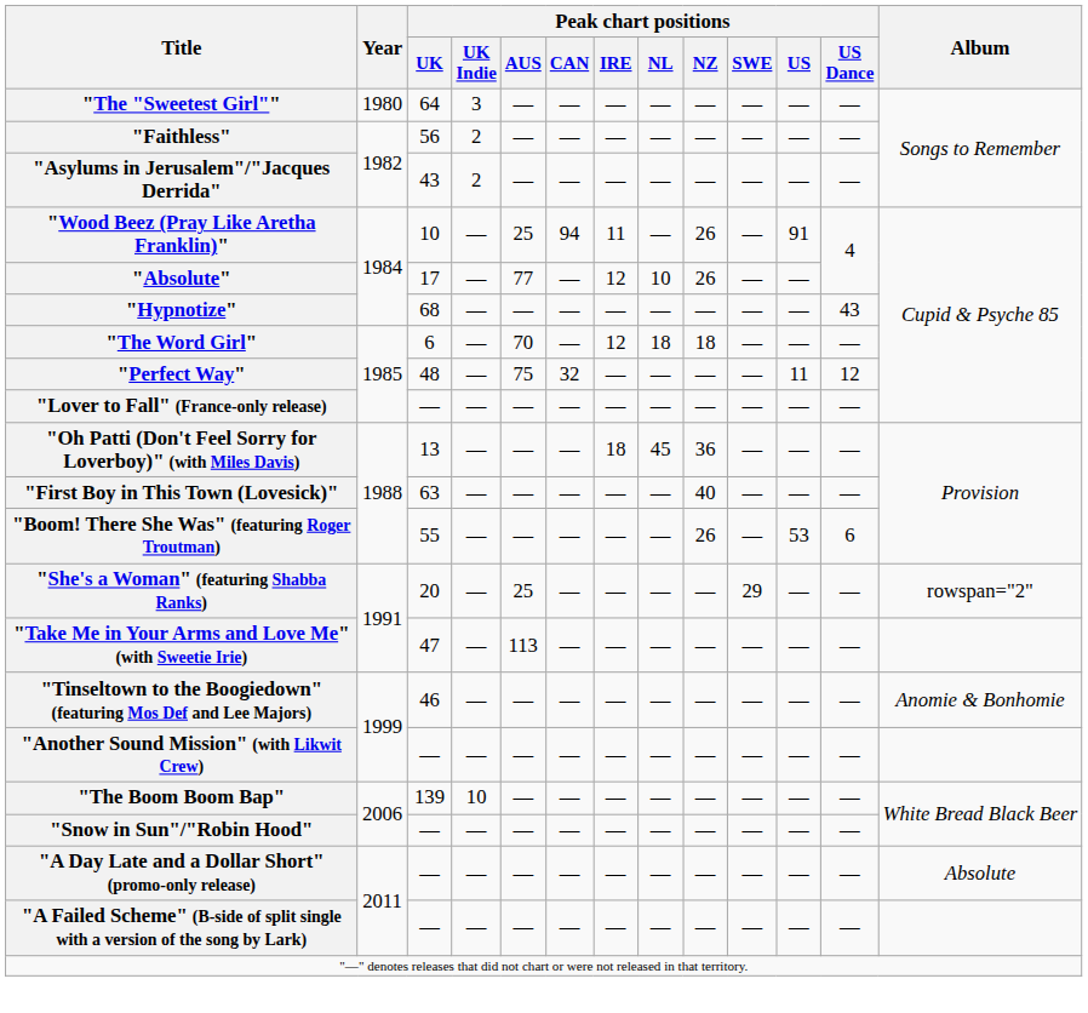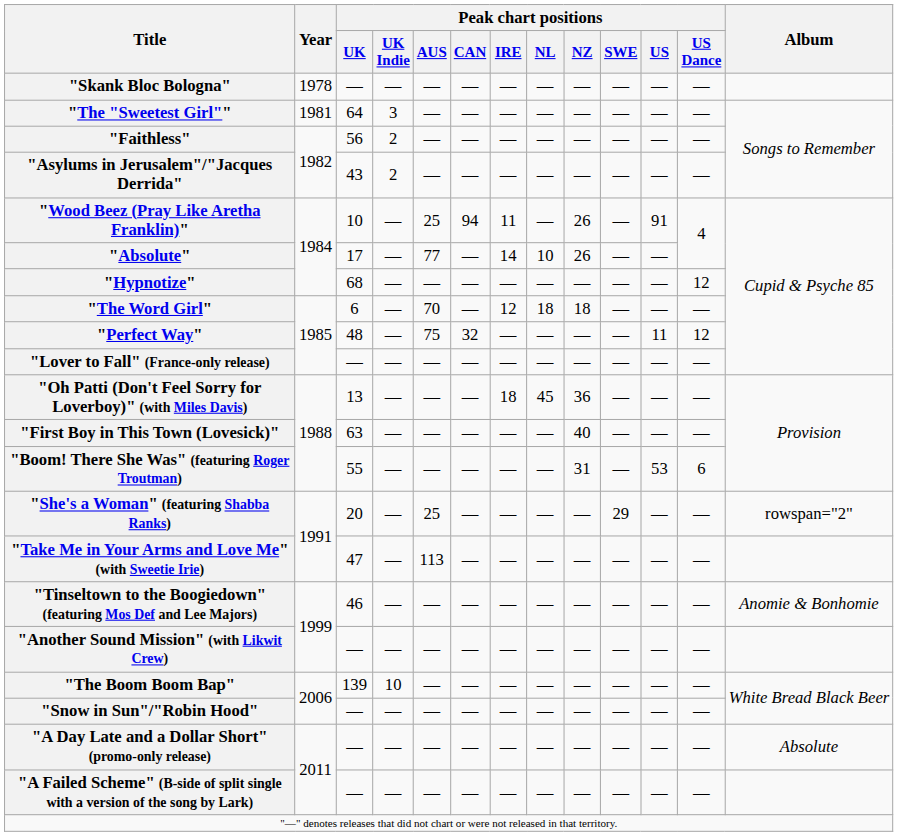 <table class="wikitable plainrowheaders" style="text-align:center;">
 <tr>
 <th rowspan="2" scope="col" style="width:17em;">Title</th>
 <th rowspan="2" scope="col" style="width:2em;">Year</th>
 <th colspan="10">Peak chart positions</th>
 <th rowspan="2">Album</th>
 </tr>
 <tr>
 <th scope="col" style="width:2em;font-size:90%;"><a href='#'>UK</a><br></th>
 <th scope="col" style="width:2em;font-size:90%;"><a href='#'>UK Indie</a><br></th>
 <th scope="col" style="width:2em;font-size:90%;"><a href='#'>AUS</a><br></th>
 <th scope="col" style="width:2em;font-size:90%;"><a href='#'>CAN</a><br></th>
 <th scope="col" style="width:2em;font-size:90%;"><a href='#'>IRE</a><br></th>
 <th scope="col" style="width:2em;font-size:90%;"><a href='#'>NL</a><br></th>
 <th scope="col" style="width:2em;font-size:90%;"><a href='#'>NZ</a><br></th>
 <th scope="col" style="width:2em;font-size:90%;"><a href='#'>SWE</a><br></th>
 <th scope="col" style="width:2em;font-size:90%;"><a href='#'>US</a><br></th>
 <th scope="col" style="width:2em;font-size:90%;"><a href='#'>US Dance</a><br></th>
 </tr>
 <tr>
+<th scope="row">"Skank Bloc Bologna"</th>
+<td>1978</td>
+<td>—</td>
+<td>—</td>
+<td>—</td>
+<td>—</td>
+<td>—</td>
+<td>—</td>
+<td>—</td>
+<td>—</td>
+<td>—</td>
+<td>—</td>
+<td></td>
+</tr>
+<tr>
 <th scope="row">"<a href='#'>The "Sweetest Girl"</a>"</th>
-<td>1980</td>
+<td>1981</td>
 <td>64</td>
 <td>3</td>
 <td>—</td>
 <td>—</td>
 <td>—</td>
 <td>—</td>
 <td>—</td>
 <td>—</td>
 <td>—</td>
 <td>—</td>
 <td rowspan="3"><em>Songs to Remember</em></td>
 </tr>
 <tr>
 <th scope="row">"Faithless"</th>
 <td rowspan="2">1982</td>
 <td>56</td>
 <td>2</td>
 <td>—</td>
 <td>—</td>
 <td>—</td>
 <td>—</td>
 <td>—</td>
 <td>—</td>
 <td>—</td>
 <td>—</td>
 </tr>
 <tr>
 <th scope="row">"Asylums in Jerusalem"/"Jacques Derrida"</th>
 <td>43</td>
 <td>2</td>
 <td>—</td>
 <td>—</td>
 <td>—</td>
 <td>—</td>
 <td>—</td>
 <td>—</td>
 <td>—</td>
 <td>—</td>
 </tr>
 <tr>
 <th scope="row">"<a href='#'>Wood Beez (Pray Like Aretha Franklin)</a>"</th>
 <td rowspan="3">1984</td>
 <td>10</td>
 <td>—</td>
 <td>25</td>
 <td>94</td>
 <td>11</td>
 <td>—</td>
 <td>26</td>
 <td>—</td>
 <td>91</td>
 <td rowspan="2">4</td>
 <td rowspan="6"><em>Cupid & Psyche 85</em></td>
 </tr>
 <tr>
 <th scope="row">"<a href='#'>Absolute</a>"</th>
 <td>17</td>
 <td>—</td>
 <td>77</td>
 <td>—</td>
-<td>12</td>
+<td>14</td>
 <td>10</td>
 <td>26</td>
 <td>—</td>
 <td>—</td>
 </tr>
 <tr>
 <th scope="row">"<a href='#'>Hypnotize</a>"</th>
 <td>68</td>
 <td>—</td>
 <td>—</td>
 <td>—</td>
 <td>—</td>
 <td>—</td>
 <td>—</td>
 <td>—</td>
 <td>—</td>
-<td>43</td>
+<td>12</td>
 </tr>
 <tr>
 <th scope="row">"<a href='#'>The Word Girl</a>"</th>
 <td rowspan="3">1985</td>
 <td>6</td>
 <td>—</td>
 <td>70</td>
 <td>—</td>
 <td>12</td>
 <td>18</td>
 <td>18</td>
 <td>—</td>
 <td>—</td>
 <td>—</td>
 </tr>
 <tr>
 <th scope="row">"<a href='#'>Perfect Way</a>"</th>
 <td>48</td>
 <td>—</td>
 <td>75</td>
 <td>32</td>
 <td>—</td>
 <td>—</td>
 <td>—</td>
 <td>—</td>
 <td>11</td>
 <td>12</td>
 </tr>
 <tr>
 <th scope="row">"Lover to Fall" <small>(France-only release)</small></th>
 <td>—</td>
 <td>—</td>
 <td>—</td>
 <td>—</td>
 <td>—</td>
 <td>—</td>
 <td>—</td>
 <td>—</td>
 <td>—</td>
 <td>—</td>
 </tr>
 <tr>
 <th scope="row">"Oh Patti (Don't Feel Sorry for Loverboy)" <small>(with <a href='#'>Miles Davis</a>)</small></th>
 <td rowspan="3">1988</td>
 <td>13</td>
 <td>—</td>
 <td>—</td>
 <td>—</td>
 <td>18</td>
 <td>45</td>
 <td>36</td>
 <td>—</td>
 <td>—</td>
 <td>—</td>
 <td rowspan="3"><em>Provision</em></td>
 </tr>
 <tr>
 <th scope="row">"First Boy in This Town (Lovesick)"</th>
 <td>63</td>
 <td>—</td>
 <td>—</td>
 <td>—</td>
 <td>—</td>
 <td>—</td>
 <td>40</td>
 <td>—</td>
 <td>—</td>
 <td>—</td>
 </tr>
 <tr>
 <th scope="row">"Boom! There She Was" <small>(featuring <a href='#'>Roger Troutman</a>)</small></th>
 <td>55</td>
 <td>—</td>
 <td>—</td>
 <td>—</td>
 <td>—</td>
 <td>—</td>
-<td>26</td>
+<td>31</td>
 <td>—</td>
 <td>53</td>
 <td>6</td>
 </tr>
 <tr>
 <th scope="row">"<a href='#'>She's a Woman</a>" <small>(featuring <a href='#'>Shabba Ranks</a>)</small></th>
 <td rowspan="2">1991</td>
 <td>20</td>
 <td>—</td>
 <td>25</td>
 <td>—</td>
 <td>—</td>
 <td>—</td>
 <td>—</td>
 <td>29</td>
 <td>—</td>
 <td>—</td>
 <td>rowspan="2" </td>
 </tr>
 <tr>
 <th scope="row">"<a href='#'>Take Me in Your Arms and Love Me</a>" <small>(with <a href='#'>Sweetie Irie</a>)</small></th>
 <td>47</td>
 <td>—</td>
 <td>113</td>
 <td>—</td>
 <td>—</td>
 <td>—</td>
 <td>—</td>
 <td>—</td>
 <td>—</td>
 <td>—</td>
 </tr>
 <tr>
 <th scope="row">"Tinseltown to the Boogiedown" <small>(featuring <a href='#'>Mos Def</a> and Lee Majors)</small></th>
 <td rowspan="2">1999</td>
 <td>46</td>
 <td>—</td>
 <td>—</td>
 <td>—</td>
 <td>—</td>
 <td>—</td>
 <td>—</td>
 <td>—</td>
 <td>—</td>
 <td>—</td>
 <td><em>Anomie & Bonhomie</em></td>
 </tr>
 <tr>
 <th scope="row">"Another Sound Mission" <small>(with <a href='#'>Likwit Crew</a>)</small></th>
 <td>—</td>
 <td>—</td>
 <td>—</td>
 <td>—</td>
 <td>—</td>
 <td>—</td>
 <td>—</td>
 <td>—</td>
 <td>—</td>
 <td>—</td>
 <td></td>
 </tr>
 <tr>
 <th scope="row">"The Boom Boom Bap"</th>
 <td rowspan="2">2006</td>
 <td>139</td>
 <td>10</td>
 <td>—</td>
 <td>—</td>
 <td>—</td>
 <td>—</td>
 <td>—</td>
 <td>—</td>
 <td>—</td>
 <td>—</td>
 <td rowspan="2"><em>White Bread Black Beer</em></td>
 </tr>
 <tr>
 <th scope="row">"Snow in Sun"/"Robin Hood"</th>
 <td>—</td>
 <td>—</td>
 <td>—</td>
 <td>—</td>
 <td>—</td>
 <td>—</td>
 <td>—</td>
 <td>—</td>
 <td>—</td>
 <td>—</td>
 </tr>
 <tr>
 <th scope="row">"A Day Late and a Dollar Short" <small>(promo-only release)</small></th>
 <td rowspan="2">2011</td>
 <td>—</td>
 <td>—</td>
 <td>—</td>
 <td>—</td>
 <td>—</td>
 <td>—</td>
 <td>—</td>
 <td>—</td>
 <td>—</td>
 <td>—</td>
 <td><em>Absolute</em></td>
 </tr>
 <tr>
 <th scope="row">"A Failed Scheme" <small>(B-side of split single with a version of the song by Lark)</small></th>
 <td>—</td>
 <td>—</td>
 <td>—</td>
 <td>—</td>
 <td>—</td>
 <td>—</td>
 <td>—</td>
 <td>—</td>
 <td>—</td>
 <td>—</td>
 <td></td>
 </tr>
 <tr>
 <td colspan="13" style="font-size:8pt">"—" denotes releases that did not chart or were not released in that territory.</td>
 </tr>
 </table>
